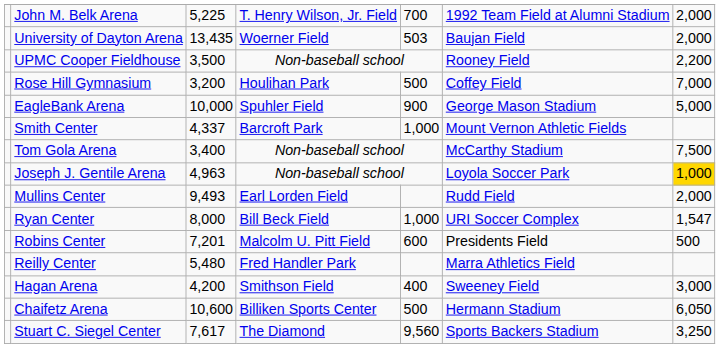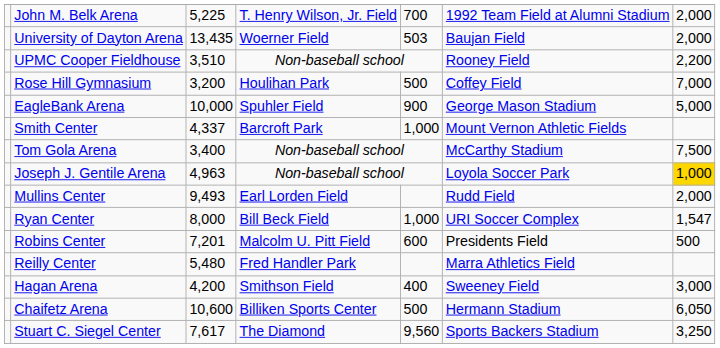 <table class=" sortable wikitable">
 <tr>
 </tr>
 <tr>
 <td style="text-align:center; "><a href='#'></a></td>
 <td><a href='#'>John M. Belk Arena</a></td>
 <td>5,225</td>
 <td><a href='#'>T. Henry Wilson, Jr. Field</a></td>
 <td>700</td>
 <td><a href='#'>1992 Team Field at Alumni Stadium</a></td>
 <td>2,000</td>
 </tr>
 <tr>
 <td style="text-align:center; "><a href='#'></a></td>
 <td><a href='#'>University of Dayton Arena</a></td>
 <td>13,435</td>
 <td><a href='#'>Woerner Field</a></td>
 <td>503</td>
 <td><a href='#'>Baujan Field</a></td>
 <td>2,000</td>
 </tr>
 <tr>
 <td style="text-align:center; "><a href='#'></a></td>
 <td><a href='#'>UPMC Cooper Fieldhouse</a></td>
-<td>3,500</td>
+<td>3,510</td>
 <td colspan=2 align=center><em>Non-baseball school</em></td>
 <td><a href='#'>Rooney Field</a></td>
 <td>2,200</td>
 </tr>
 <tr>
 <td style="text-align:center; "><a href='#'></a></td>
 <td><a href='#'>Rose Hill Gymnasium</a></td>
 <td>3,200</td>
 <td><a href='#'>Houlihan Park</a></td>
 <td>500</td>
 <td><a href='#'>Coffey Field</a></td>
 <td>7,000</td>
 </tr>
 <tr>
 <td style="text-align:center; "><a href='#'></a></td>
 <td><a href='#'>EagleBank Arena</a></td>
 <td>10,000</td>
 <td><a href='#'>Spuhler Field</a></td>
 <td>900</td>
 <td><a href='#'>George Mason Stadium</a></td>
 <td>5,000</td>
 </tr>
 <tr>
 <td style="text-align:center; "><a href='#'></a></td>
 <td><a href='#'>Smith Center</a></td>
 <td>4,337</td>
 <td><a href='#'>Barcroft Park</a></td>
 <td>1,000</td>
 <td><a href='#'>Mount Vernon Athletic Fields</a></td>
 <td></td>
 </tr>
 <tr>
 <td style="text-align:center; "><a href='#'></a></td>
 <td><a href='#'>Tom Gola Arena</a></td>
 <td>3,400</td>
 <td colspan=2 align=center><em>Non-baseball school</em></td>
 <td><a href='#'>McCarthy Stadium</a></td>
 <td>7,500</td>
 </tr>
 <tr>
 <td style="text-align:center; "><a href='#'></a></td>
 <td><a href='#'>Joseph J. Gentile Arena</a></td>
 <td>4,963</td>
 <td colspan=2 align=center><em>Non-baseball school</em></td>
 <td><a href='#'>Loyola Soccer Park</a></td>
 <td style="background: gold;">1,000</td>
 </tr>
 <tr>
 <td style="text-align:center; "><a href='#'></a></td>
 <td><a href='#'>Mullins Center</a></td>
 <td>9,493</td>
 <td><a href='#'>Earl Lorden Field</a></td>
 <td></td>
 <td><a href='#'>Rudd Field</a></td>
 <td>2,000</td>
 </tr>
 <tr>
 <td style="text-align:center; "><a href='#'></a></td>
 <td><a href='#'>Ryan Center</a></td>
 <td>8,000</td>
 <td><a href='#'>Bill Beck Field</a></td>
 <td>1,000</td>
 <td><a href='#'>URI Soccer Complex</a></td>
 <td>1,547</td>
 </tr>
 <tr>
 <td style="text-align:center; "><a href='#'></a></td>
 <td><a href='#'>Robins Center</a></td>
 <td>7,201</td>
 <td><a href='#'>Malcolm U. Pitt Field</a></td>
 <td>600</td>
 <td>Presidents Field</td>
 <td>500</td>
 </tr>
 <tr>
 <td style="text-align:center; "><a href='#'></a></td>
 <td><a href='#'>Reilly Center</a></td>
 <td>5,480</td>
 <td><a href='#'>Fred Handler Park</a></td>
 <td></td>
 <td><a href='#'>Marra Athletics Field</a></td>
 <td></td>
 </tr>
 <tr>
 <td style="text-align:center; "><a href='#'></a></td>
 <td><a href='#'>Hagan Arena</a></td>
 <td>4,200</td>
 <td><a href='#'>Smithson Field</a></td>
 <td>400</td>
 <td><a href='#'>Sweeney Field</a></td>
 <td>3,000</td>
 </tr>
 <tr>
 <td style="text-align:center; "><a href='#'></a></td>
 <td><a href='#'>Chaifetz Arena</a></td>
 <td>10,600</td>
 <td><a href='#'>Billiken Sports Center</a></td>
 <td>500</td>
 <td><a href='#'>Hermann Stadium</a></td>
 <td>6,050</td>
 </tr>
 <tr>
 <td style="text-align:center; "><a href='#'></a></td>
 <td><a href='#'>Stuart C. Siegel Center</a></td>
 <td>7,617</td>
 <td><a href='#'>The Diamond</a></td>
 <td>9,560</td>
 <td><a href='#'>Sports Backers Stadium</a></td>
 <td>3,250</td>
 </tr>
 </table>
